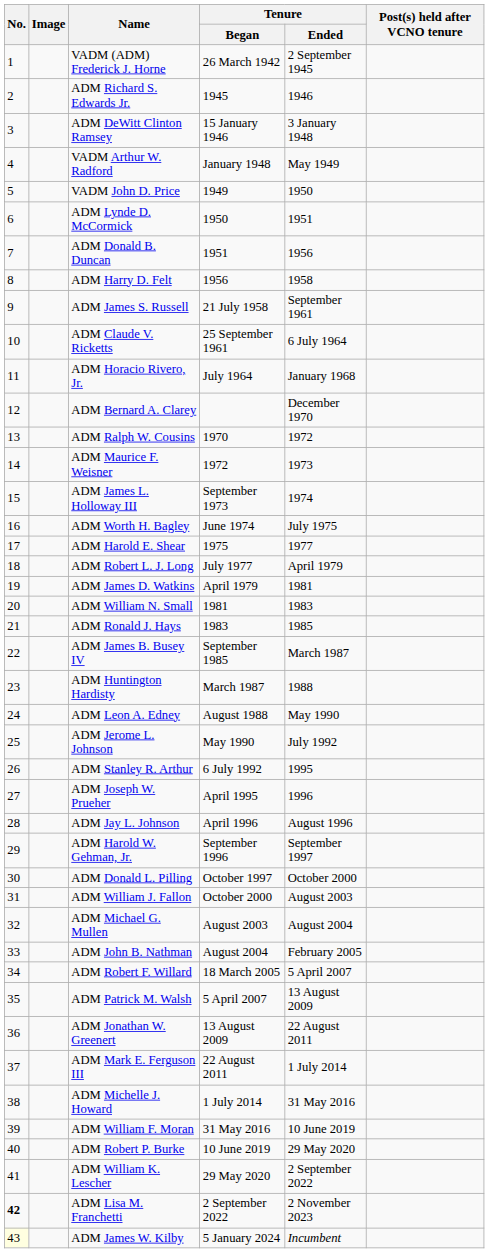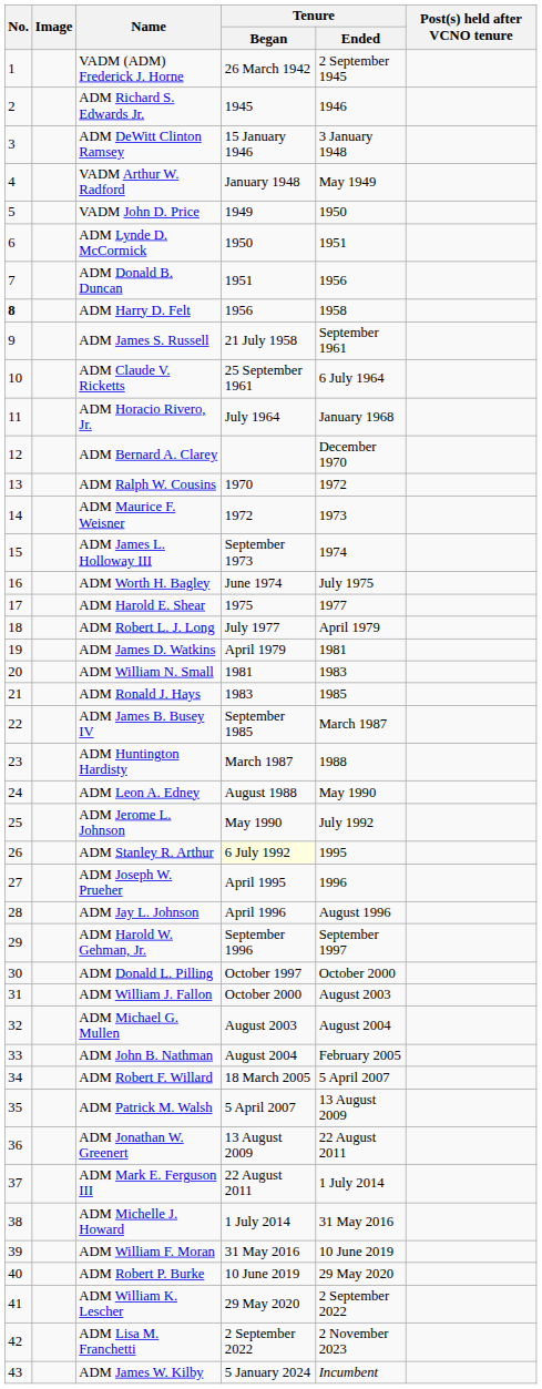 <table class="wikitable sortable">
 <tr>
 <th rowspan="2">No.</th>
 <th rowspan="2">Image</th>
 <th rowspan="2">Name</th>
 <th colspan="2">Tenure</th>
 <th rowspan="2">Post(s) held after VCNO tenure</th>
 </tr>
 <tr>
 <th>Began</th>
 <th>Ended</th>
 </tr>
 <tr>
 <td>1</td>
 <td></td>
 <td>VADM (ADM) <a href='#'>Frederick J. Horne</a></td>
 <td>26 March 1942</td>
 <td>2 September 1945</td>
 <td></td>
 </tr>
 <tr>
 <td>2</td>
 <td></td>
 <td>ADM <a href='#'>Richard S. Edwards Jr.</a></td>
 <td>1945</td>
 <td>1946</td>
 <td></td>
 </tr>
 <tr>
 <td>3</td>
 <td></td>
 <td>ADM <a href='#'>DeWitt Clinton Ramsey</a></td>
 <td>15 January 1946</td>
 <td>3 January 1948</td>
 <td></td>
 </tr>
 <tr>
 <td>4</td>
 <td></td>
 <td>VADM <a href='#'>Arthur W. Radford</a></td>
 <td>January 1948</td>
 <td>May 1949</td>
 <td></td>
 </tr>
 <tr>
 <td>5</td>
 <td></td>
 <td>VADM <a href='#'>John D. Price</a></td>
 <td>1949</td>
 <td>1950</td>
 <td></td>
 </tr>
 <tr>
 <td>6</td>
 <td></td>
 <td>ADM <a href='#'>Lynde D. McCormick</a></td>
 <td>1950</td>
 <td>1951</td>
 <td></td>
 </tr>
 <tr>
 <td>7</td>
 <td></td>
 <td>ADM <a href='#'>Donald B. Duncan</a></td>
 <td>1951</td>
 <td>1956</td>
 <td></td>
 </tr>
 <tr>
-<td>8</td>
+<td><strong>8</strong></td>
 <td></td>
 <td>ADM <a href='#'>Harry D. Felt</a></td>
 <td>1956</td>
 <td>1958</td>
 <td></td>
 </tr>
 <tr>
 <td>9</td>
 <td></td>
 <td>ADM <a href='#'>James S. Russell</a></td>
 <td>21 July 1958</td>
 <td>September 1961</td>
 <td></td>
 </tr>
 <tr>
 <td>10</td>
 <td></td>
 <td>ADM <a href='#'>Claude V. Ricketts</a></td>
 <td>25 September 1961</td>
 <td>6 July 1964</td>
 <td></td>
 </tr>
 <tr>
 <td>11</td>
 <td></td>
 <td>ADM <a href='#'>Horacio Rivero, Jr.</a></td>
 <td>July 1964</td>
 <td>January 1968</td>
 <td></td>
 </tr>
 <tr>
 <td>12</td>
 <td></td>
 <td>ADM <a href='#'>Bernard A. Clarey</a></td>
 <td January 1968></td>
 <td>December 1970</td>
 <td></td>
 </tr>
 <tr>
 <td>13</td>
 <td></td>
 <td>ADM <a href='#'>Ralph W. Cousins</a></td>
 <td>1970</td>
 <td>1972</td>
 <td></td>
 </tr>
 <tr>
 <td>14</td>
 <td></td>
 <td>ADM <a href='#'>Maurice F. Weisner</a></td>
 <td>1972</td>
 <td>1973</td>
 <td></td>
 </tr>
 <tr>
 <td>15</td>
 <td></td>
 <td>ADM <a href='#'>James L. Holloway III</a></td>
 <td>September 1973</td>
 <td>1974</td>
 <td></td>
 </tr>
 <tr>
 <td>16</td>
 <td></td>
 <td>ADM <a href='#'>Worth H. Bagley</a></td>
 <td>June 1974</td>
 <td>July 1975</td>
 <td></td>
 </tr>
 <tr>
 <td>17</td>
 <td></td>
 <td>ADM <a href='#'>Harold E. Shear</a></td>
 <td>1975</td>
 <td>1977</td>
 <td></td>
 </tr>
 <tr>
 <td>18</td>
 <td></td>
 <td>ADM <a href='#'>Robert L. J. Long</a></td>
 <td>July 1977</td>
 <td>April 1979</td>
 <td></td>
 </tr>
 <tr>
 <td>19</td>
 <td></td>
 <td>ADM <a href='#'>James D. Watkins</a></td>
 <td>April 1979</td>
 <td>1981</td>
 <td></td>
 </tr>
 <tr>
 <td>20</td>
 <td></td>
 <td>ADM <a href='#'>William N. Small</a></td>
 <td>1981</td>
 <td>1983</td>
 <td></td>
 </tr>
 <tr>
 <td>21</td>
 <td></td>
 <td>ADM <a href='#'>Ronald J. Hays</a></td>
 <td>1983</td>
 <td>1985</td>
 <td></td>
 </tr>
 <tr>
 <td>22</td>
 <td></td>
 <td>ADM <a href='#'>James B. Busey IV</a></td>
 <td>September 1985</td>
 <td>March 1987</td>
 <td></td>
 </tr>
 <tr>
 <td>23</td>
 <td></td>
 <td>ADM <a href='#'>Huntington Hardisty</a></td>
 <td>March 1987</td>
 <td>1988</td>
 <td></td>
 </tr>
 <tr>
 <td>24</td>
 <td></td>
 <td>ADM <a href='#'>Leon A. Edney</a></td>
 <td>August 1988</td>
 <td>May 1990</td>
 <td></td>
 </tr>
 <tr>
 <td>25</td>
 <td></td>
 <td>ADM <a href='#'>Jerome L. Johnson</a></td>
 <td>May 1990</td>
 <td>July 1992</td>
 <td></td>
 </tr>
 <tr>
 <td>26</td>
 <td></td>
 <td>ADM <a href='#'>Stanley R. Arthur</a></td>
-<td>6 July 1992</td>
+<td style="background: lightyellow;">6 July 1992</td>
 <td>1995</td>
 <td></td>
 </tr>
 <tr>
 <td>27</td>
 <td></td>
 <td>ADM <a href='#'>Joseph W. Prueher</a></td>
 <td>April 1995</td>
 <td>1996</td>
 <td></td>
 </tr>
 <tr>
 <td>28</td>
 <td></td>
 <td>ADM <a href='#'>Jay L. Johnson</a></td>
 <td>April 1996</td>
 <td>August 1996</td>
 <td></td>
 </tr>
 <tr>
 <td>29</td>
 <td></td>
 <td>ADM <a href='#'>Harold W. Gehman, Jr.</a></td>
 <td>September 1996</td>
 <td>September 1997</td>
 <td></td>
 </tr>
 <tr>
 <td>30</td>
 <td></td>
 <td>ADM <a href='#'>Donald L. Pilling</a></td>
 <td>October 1997</td>
 <td>October 2000</td>
 <td></td>
 </tr>
 <tr>
 <td>31</td>
 <td></td>
 <td>ADM <a href='#'>William J. Fallon</a></td>
 <td>October 2000</td>
 <td>August 2003</td>
 <td></td>
 </tr>
 <tr>
 <td>32</td>
 <td></td>
 <td>ADM <a href='#'>Michael G. Mullen</a></td>
 <td>August 2003</td>
 <td>August 2004</td>
 <td></td>
 </tr>
 <tr>
 <td>33</td>
 <td></td>
 <td>ADM <a href='#'>John B. Nathman</a></td>
 <td>August 2004</td>
 <td>February 2005</td>
 <td></td>
 </tr>
 <tr>
 <td>34</td>
 <td></td>
 <td>ADM <a href='#'>Robert F. Willard</a></td>
 <td>18 March 2005</td>
 <td>5 April 2007</td>
 <td></td>
 </tr>
 <tr>
 <td>35</td>
 <td></td>
 <td>ADM <a href='#'>Patrick M. Walsh</a></td>
 <td>5 April 2007</td>
 <td>13 August 2009</td>
 <td></td>
 </tr>
 <tr>
 <td>36</td>
 <td></td>
 <td>ADM <a href='#'>Jonathan W. Greenert</a></td>
 <td>13 August 2009</td>
 <td>22 August 2011</td>
 <td></td>
 </tr>
 <tr>
 <td>37</td>
 <td></td>
 <td>ADM <a href='#'>Mark E. Ferguson III</a></td>
 <td>22 August 2011</td>
 <td>1 July 2014</td>
 <td></td>
 </tr>
 <tr>
 <td>38</td>
 <td></td>
 <td>ADM <a href='#'>Michelle J. Howard</a></td>
 <td>1 July 2014</td>
 <td>31 May 2016</td>
 <td></td>
 </tr>
 <tr>
 <td>39</td>
 <td></td>
 <td>ADM <a href='#'>William F. Moran</a></td>
 <td>31 May 2016</td>
 <td>10 June 2019</td>
 <td></td>
 </tr>
 <tr>
 <td>40</td>
 <td></td>
 <td>ADM <a href='#'>Robert P. Burke</a></td>
 <td>10 June 2019</td>
 <td>29 May 2020</td>
 <td></td>
 </tr>
 <tr>
 <td>41</td>
 <td></td>
 <td>ADM <a href='#'>William K. Lescher</a></td>
 <td>29 May 2020</td>
 <td>2 September 2022</td>
 <td></td>
 </tr>
 <tr>
-<td><strong>42</strong></td>
+<td>42</td>
 <td></td>
 <td>ADM <a href='#'>Lisa M. Franchetti</a></td>
 <td>2 September 2022</td>
 <td>2 November 2023</td>
 <td></td>
 </tr>
 <tr>
-<td style="background: lightyellow;">43</td>
+<td>43</td>
 <td></td>
 <td>ADM <a href='#'>James W. Kilby</a></td>
 <td>5 January 2024</td>
 <td><em>Incumbent</em></td>
 <td></td>
 </tr>
 </table>
